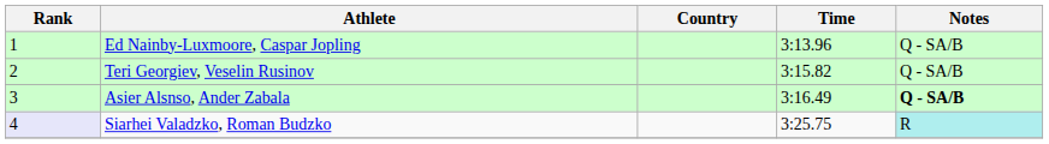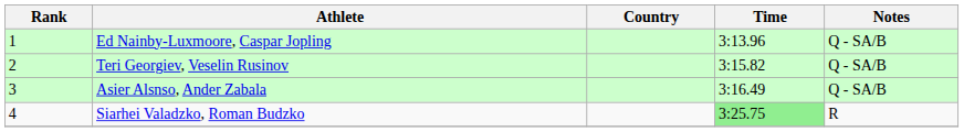 <table class="wikitable" width=50%>
 <tr>
 <th>Rank</th>
 <th>Athlete</th>
 <th>Country</th>
 <th>Time</th>
 <th>Notes</th>
 </tr>
 <tr bgcolor=ccffcc>
 <td>1</td>
 <td><a href='#'>Ed Nainby-Luxmoore</a>, <a href='#'>Caspar Jopling</a></td>
 <td></td>
 <td>3:13.96</td>
 <td>Q - SA/B</td>
 </tr>
 <tr bgcolor=ccffcc>
 <td>2</td>
 <td><a href='#'>Teri Georgiev</a>, <a href='#'>Veselin Rusinov</a></td>
 <td></td>
 <td>3:15.82</td>
 <td>Q - SA/B</td>
 </tr>
 <tr bgcolor=ccffcc>
 <td>3</td>
 <td><a href='#'>Asier Alsnso</a>, <a href='#'>Ander Zabala</a></td>
 <td></td>
 <td>3:16.49</td>
-<td><strong>Q - SA/B</strong></td>
+<td>Q - SA/B</td>
 </tr>
 <tr>
-<td style="background: lavender;">4</td>
+<td>4</td>
 <td><a href='#'>Siarhei Valadzko</a>, <a href='#'>Roman Budzko</a></td>
 <td></td>
-<td>3:25.75</td>
-<td style="background: paleturquoise;">R</td>
+<td style="background: lightgreen;">3:25.75</td>
+<td>R</td>
 </tr>
 <tr>
 </tr>
 </table>
